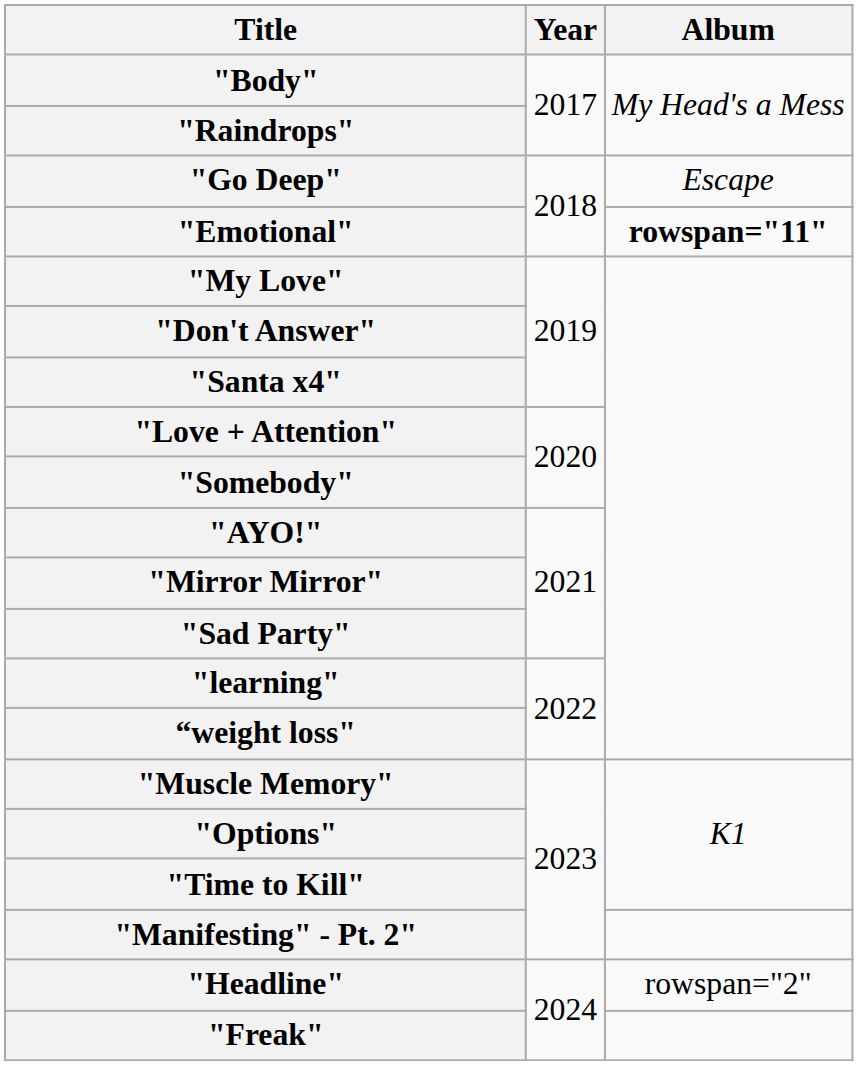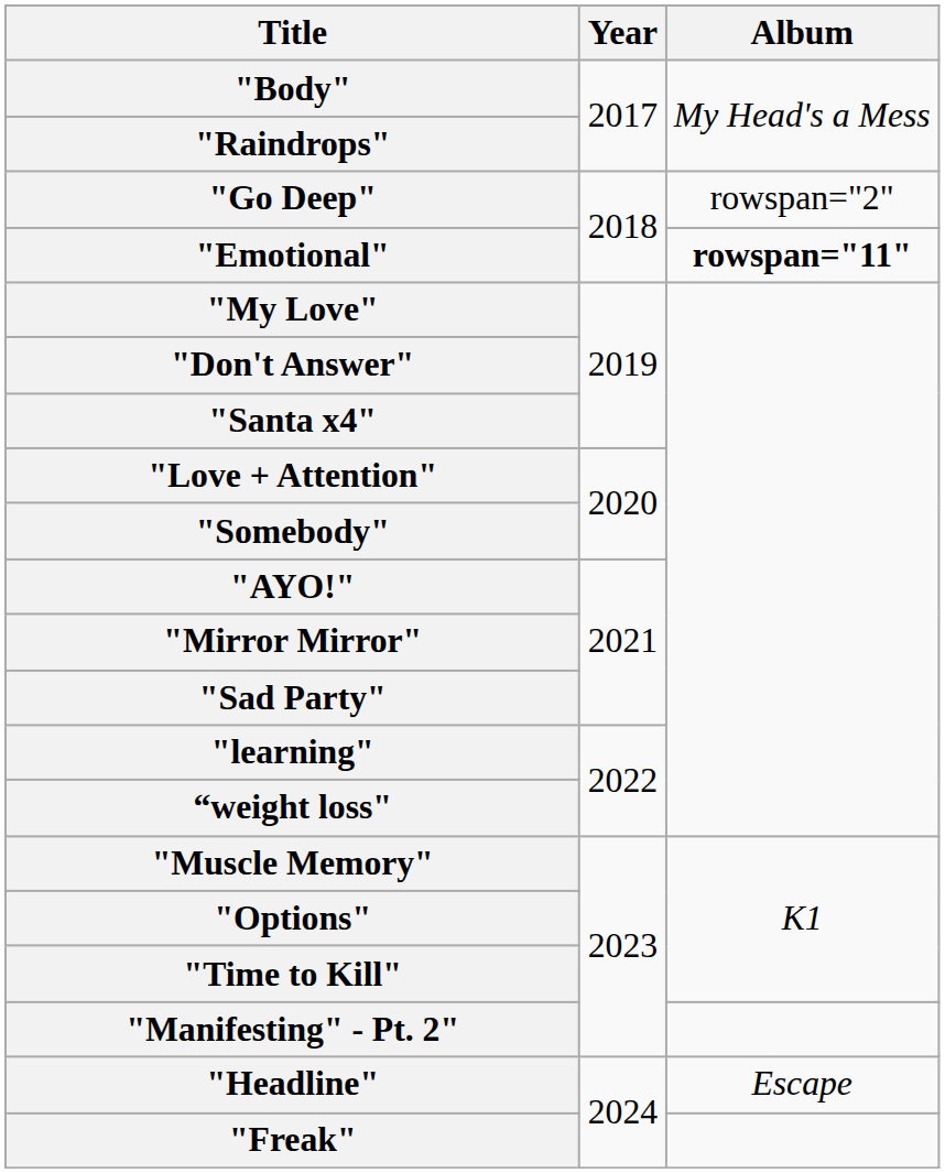 <table class="wikitable plainrowheaders" style="text-align:center;">
 <tr>
 <th scope="col" style="width:16em;">Title</th>
 <th scope="col">Year</th>
 <th scope="col">Album</th>
 </tr>
 <tr>
 <th scope="row">"Body"<br></th>
 <td rowspan="2">2017</td>
 <td rowspan="2"><em>My Head's a Mess</em></td>
 </tr>
 <tr>
 <th scope="row">"Raindrops"</th>
 </tr>
 <tr>
 <th scope="row">"Go Deep"<br></th>
 <td rowspan="2">2018</td>
-<td><em>Escape</em></td>
+<td>rowspan="2" </td>
 </tr>
 <tr>
 <th scope="row">"Emotional"<br></th>
 <td><strong>rowspan="11" </strong></td>
 </tr>
 <tr>
 <th scope="row">"My Love"<br></th>
 <td rowspan="3">2019</td>
 </tr>
 <tr>
 <th scope="row">"Don't Answer"<br></th>
 </tr>
 <tr>
 <th scope="row">"Santa x4"<br></th>
 </tr>
 <tr>
 <th scope="row">"Love + Attention"</th>
 <td rowspan="2">2020</td>
 </tr>
 <tr>
 <th scope="row">"Somebody"<br></th>
 </tr>
 <tr>
 <th scope="row">"AYO!"<br></th>
 <td rowspan="3">2021</td>
 </tr>
 <tr>
 <th scope="row">"Mirror Mirror"</th>
 </tr>
 <tr>
 <th scope="row">"Sad Party"<br></th>
 </tr>
 <tr>
 <th scope="row">"learning"</th>
 <td rowspan="2">2022</td>
 </tr>
 <tr>
 <th scope="row">“weight loss"</th>
 </tr>
 <tr>
 <th scope="row">"Muscle Memory"<br></th>
 <td rowspan="4">2023</td>
 <td rowspan="3"><em>K1</em></td>
 </tr>
 <tr>
 <th scope="row">"Options"<br></th>
 </tr>
 <tr>
 <th scope="row">"Time to Kill"</th>
 </tr>
 <tr>
 <th scope="row">"Manifesting" - Pt. 2"<br></th>
 <td></td>
 </tr>
 <tr>
 <th scope="row">"Headline"</th>
 <td rowspan="2">2024</td>
-<td>rowspan="2" </td>
+<td><em>Escape</em></td>
 </tr>
 <tr>
 <th scope="row">"Freak"</th>
 </tr>
 </table>
